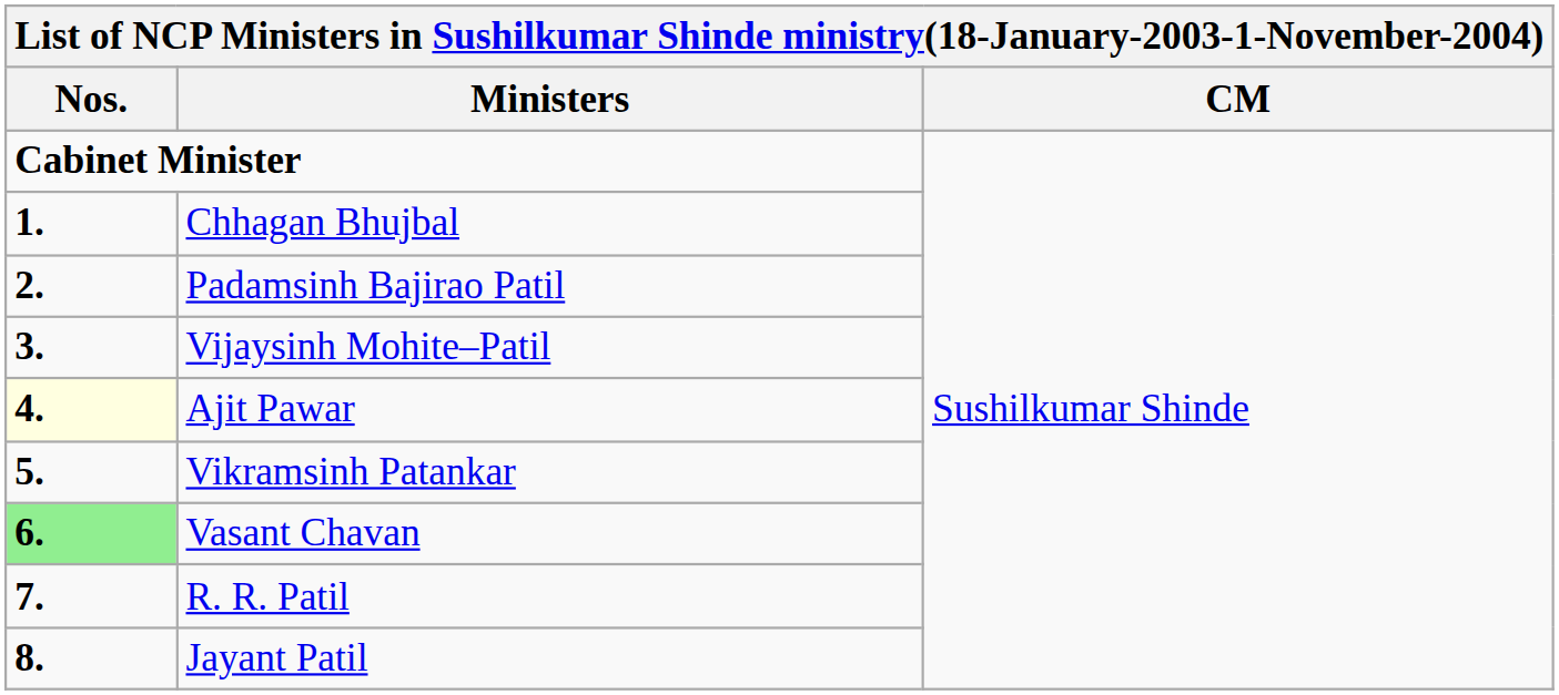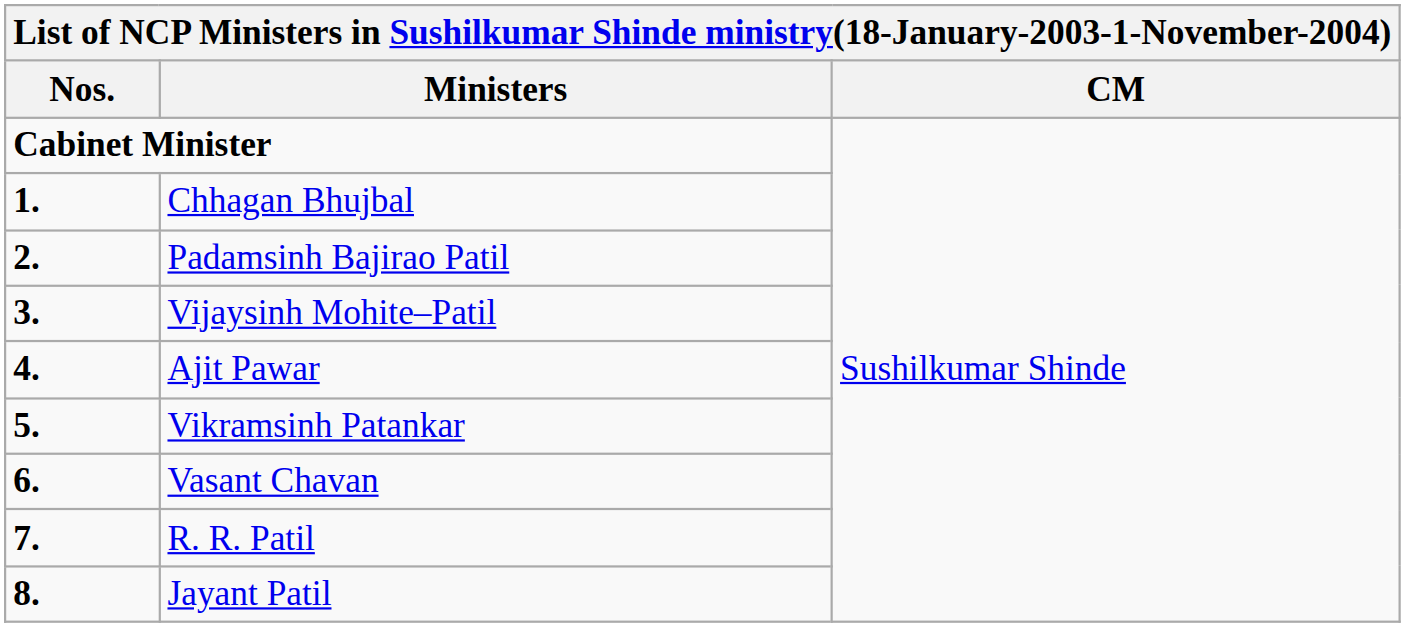 <table class="wikitable">
 <tr>
 <th colspan="3">List of NCP Ministers in <a href='#'>Sushilkumar Shinde ministry</a>(18-January-2003-1-November-2004)</th>
 </tr>
 <tr>
 <th>Nos.</th>
 <th>Ministers</th>
 <th>CM</th>
 </tr>
 <tr>
 <td colspan="2"><strong>Cabinet Minister</strong></td>
 <td rowspan="9"><a href='#'>Sushilkumar Shinde</a></td>
 </tr>
 <tr>
 <td><strong>1.</strong></td>
 <td><a href='#'>Chhagan Bhujbal</a></td>
 </tr>
 <tr>
 <td><strong>2.</strong></td>
 <td><a href='#'>Padamsinh Bajirao Patil</a></td>
 </tr>
 <tr>
 <td><strong>3.</strong></td>
 <td><a href='#'>Vijaysinh Mohite–Patil</a></td>
 </tr>
 <tr>
-<td style="background: lightyellow;"><strong>4.</strong></td>
+<td><strong>4.</strong></td>
 <td><a href='#'>Ajit Pawar</a></td>
 </tr>
 <tr>
 <td><strong>5.</strong></td>
 <td><a href='#'>Vikramsinh Patankar</a></td>
 </tr>
 <tr>
-<td style="background: lightgreen;"><strong>6.</strong></td>
+<td><strong>6.</strong></td>
 <td><a href='#'>Vasant Chavan</a></td>
 </tr>
 <tr>
 <td><strong>7.</strong></td>
 <td><a href='#'>R. R. Patil</a></td>
 </tr>
 <tr>
 <td><strong>8.</strong></td>
 <td><a href='#'>Jayant Patil</a></td>
 </tr>
 </table>
